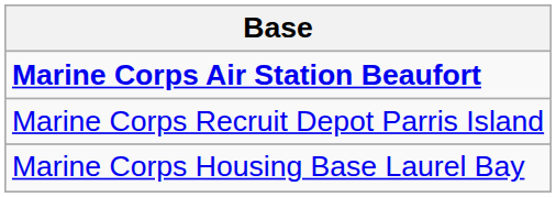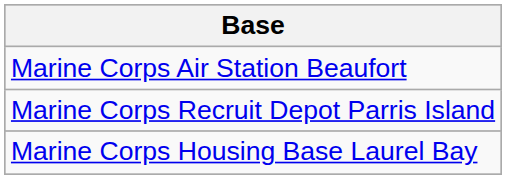 <table class="wikitable">
 <tr>
 <th>Base</th>
 </tr>
 <tr>
-<td><strong><a href='#'>Marine Corps Air Station Beaufort</a></strong></td>
+<td><a href='#'>Marine Corps Air Station Beaufort</a></td>
 </tr>
 <tr>
 <td><a href='#'>Marine Corps Recruit Depot Parris Island</a></td>
 </tr>
 <tr>
 <td><a href='#'>Marine Corps Housing Base Laurel Bay</a></td>
 </tr>
 </table>
